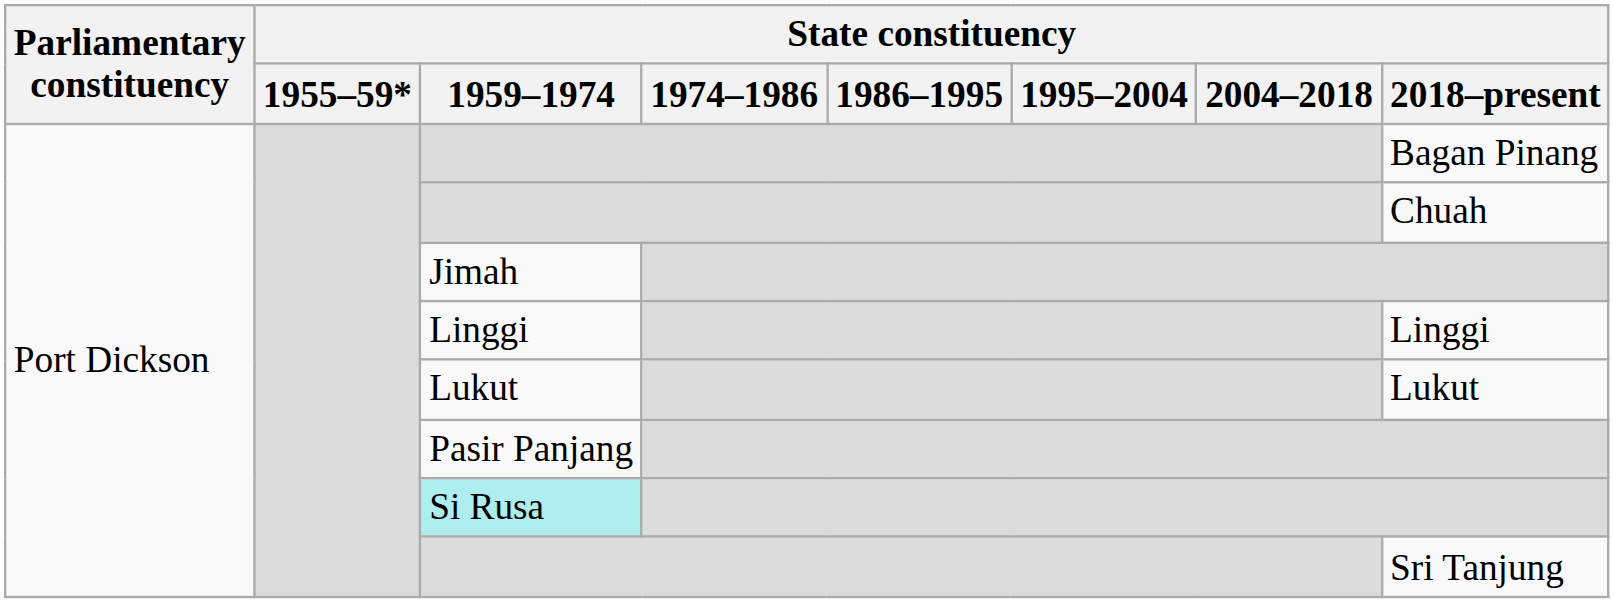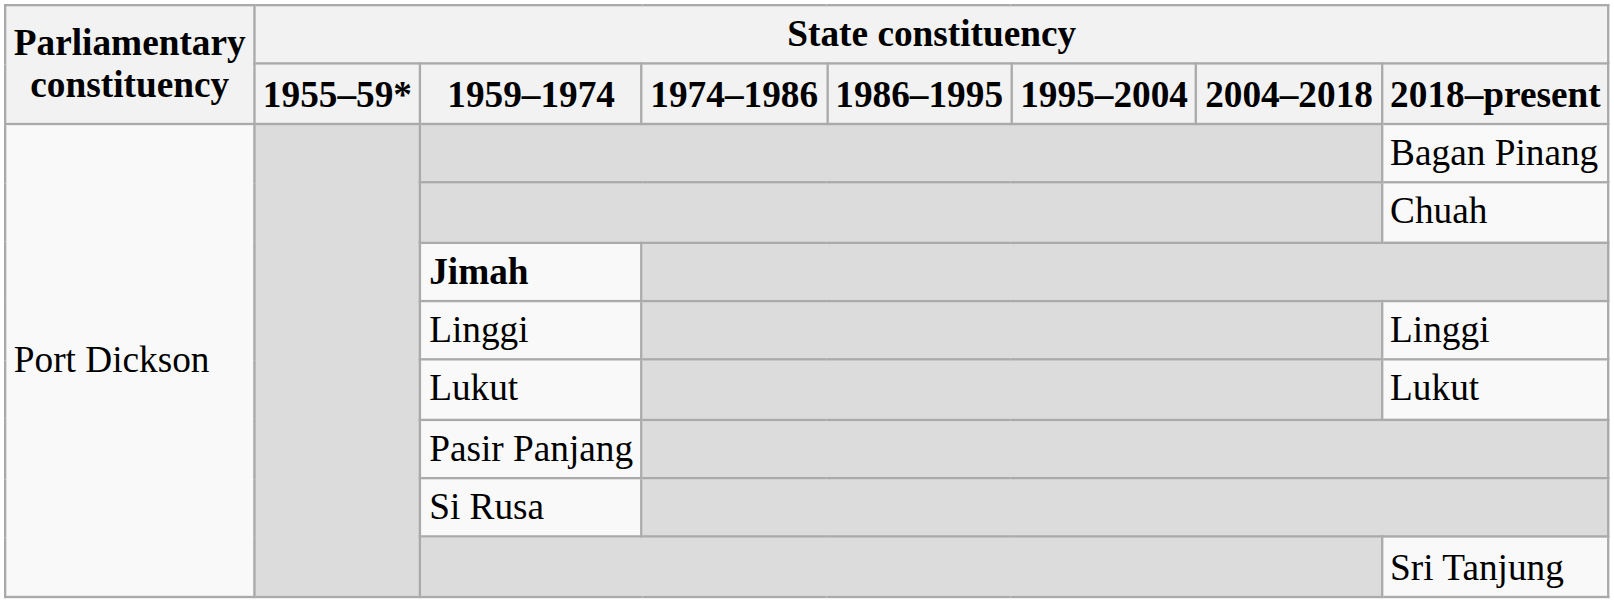 <table class="wikitable">
 <tr>
 <th rowspan="2">Parliamentary<br>constituency</th>
 <th colspan="7">State constituency</th>
 </tr>
 <tr>
 <th>1955–59*</th>
 <th>1959–1974</th>
 <th>1974–1986</th>
 <th>1986–1995</th>
 <th>1995–2004</th>
 <th>2004–2018</th>
 <th>2018–present</th>
 </tr>
 <tr>
 <td rowspan="8">Port Dickson</td>
 <td rowspan="8" bgcolor="dcdcdc"></td>
 <td colspan="5" bgcolor="dcdcdc"></td>
 <td>Bagan Pinang</td>
 </tr>
 <tr>
 <td colspan="5" bgcolor="dcdcdc"></td>
 <td>Chuah</td>
 </tr>
 <tr>
-<td>Jimah</td>
+<td><strong>Jimah</strong></td>
 <td colspan="5" bgcolor="dcdcdc"></td>
 </tr>
 <tr>
 <td>Linggi</td>
 <td colspan="4" bgcolor="dcdcdc"></td>
 <td>Linggi</td>
 </tr>
 <tr>
 <td>Lukut</td>
 <td colspan="4" bgcolor="dcdcdc"></td>
 <td>Lukut</td>
 </tr>
 <tr>
 <td>Pasir Panjang</td>
 <td colspan="5" bgcolor="dcdcdc"></td>
 </tr>
 <tr>
-<td style="background: paleturquoise;">Si Rusa</td>
+<td>Si Rusa</td>
 <td colspan="5" bgcolor="dcdcdc"></td>
 </tr>
 <tr>
 <td colspan="5" bgcolor="dcdcdc"></td>
 <td>Sri Tanjung</td>
 </tr>
 </table>
